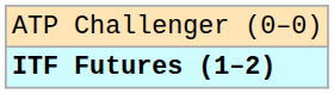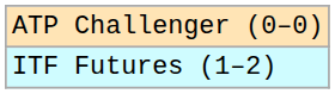 <table class=wikitable style=font-size:97%>
 <tr bgcolor=moccasin>
 <td>ATP Challenger (0–0)</td>
 </tr>
 <tr bgcolor=cffcff>
-<td><strong>ITF Futures (1–2)</strong></td>
+<td>ITF Futures (1–2)</td>
 </tr>
 </table>
